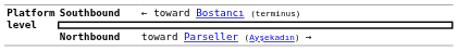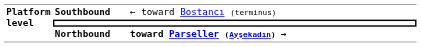 <table cellpadding="3" cellspacing="0" border="0">
 <tr>
 <td rowspan="3" width="50" style="border-top-color: gray; border-bottom-color: gray; border-top-width: 1px; border-bottom-width: 1px; border-top-style: solid; border-bottom-style: solid;" valign="top"><strong>Platform level</strong></td>
 <td width="100" style="border-top-color: gray; border-top-width: 1px; border-top-style: solid;"><strong>Southbound</strong></td>
 <td width="400" style="border-top-color: gray; border-top-width: 1px; border-top-style: solid;">←  toward <a href='#'>Bostancı</a> <small>(terminus)</small></td>
 </tr>
 <tr>
 <td colspan="2" style="border: 2px solid black; border-image: none; text-align: center;"></td>
 </tr>
 <tr>
 <td style="border-bottom-color: gray; border-bottom-width: 1px; border-bottom-style: solid;"><strong>Northbound</strong></td>
-<td style="border-bottom-color: gray; border-bottom-width: 1px; border-bottom-style: solid;"> toward <a href='#'>Parseller</a> <small>(<a href='#'>Ayşekadın</a>)</small> →</td>
+<td style="border-bottom-color: gray; border-bottom-width: 1px; border-bottom-style: solid;"><strong> toward <a href='#'>Parseller</a> <small>(<a href='#'>Ayşekadın</a>)</small> →</strong></td>
 </tr>
 </table>
